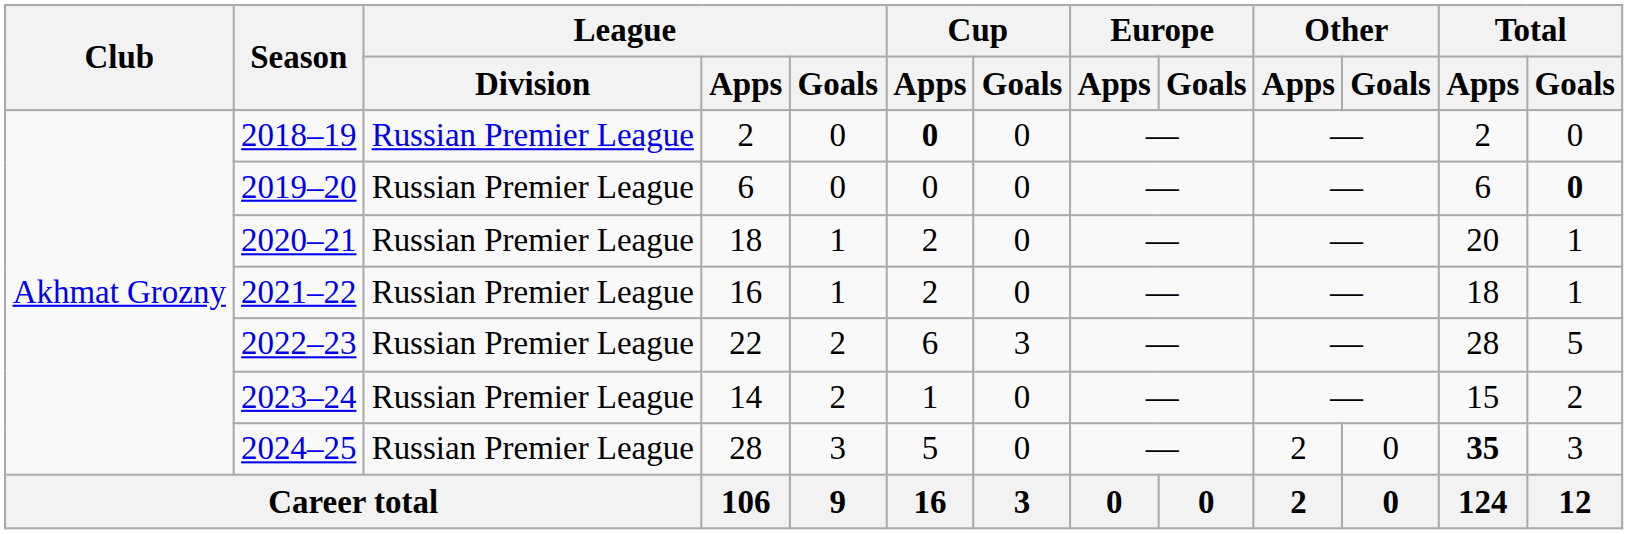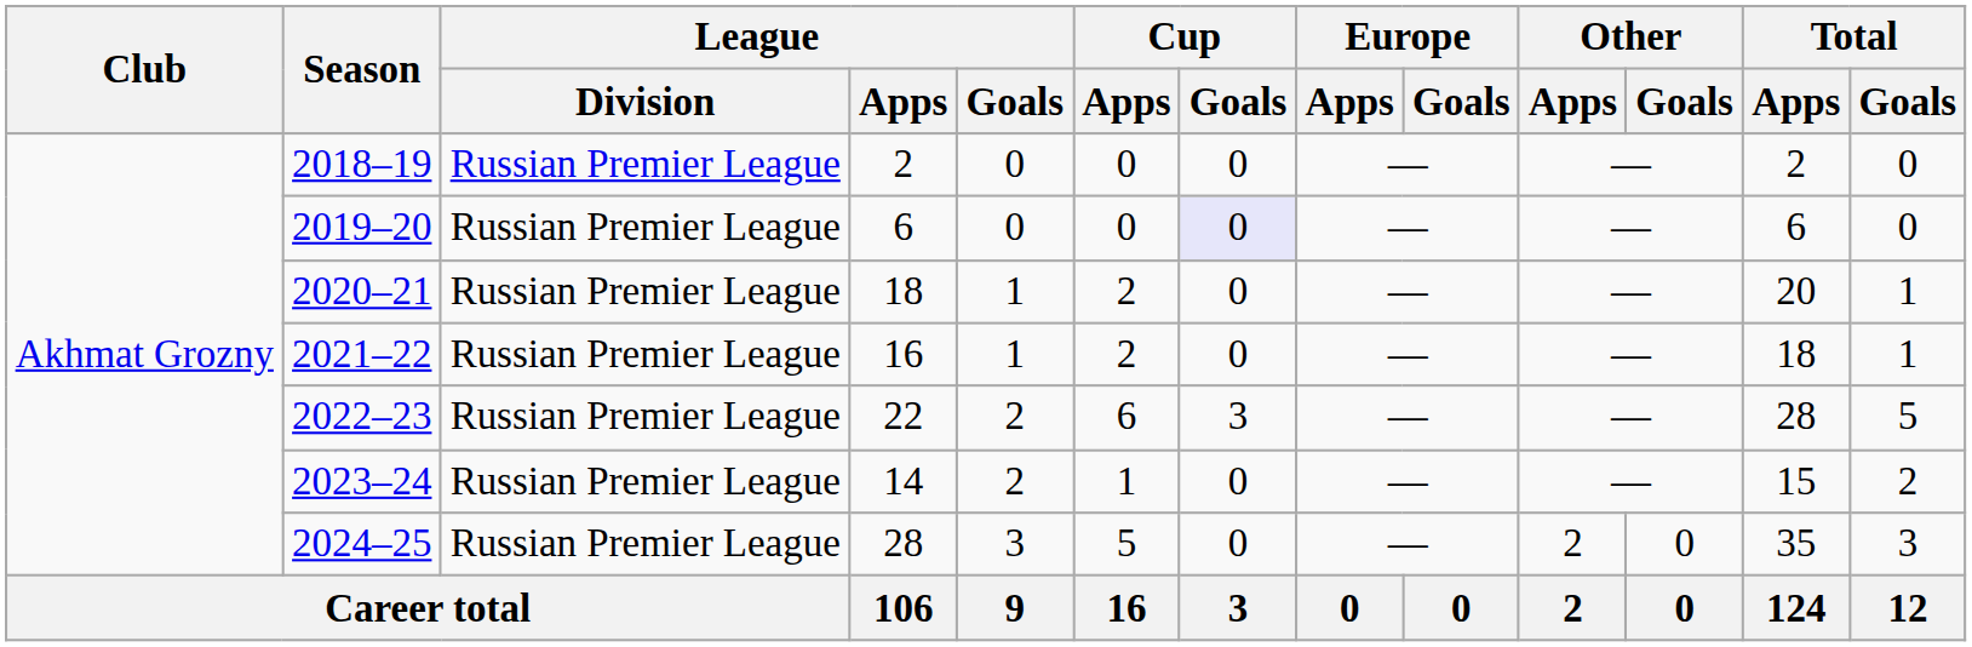 <table class="wikitable" style="text-align: center;">
 <tr>
 <th rowspan="2">Club</th>
 <th rowspan="2">Season</th>
 <th colspan="3">League</th>
 <th colspan="2">Cup</th>
 <th colspan="2">Europe</th>
 <th colspan="2">Other</th>
 <th colspan="2">Total</th>
 </tr>
 <tr>
 <th>Division</th>
 <th>Apps</th>
 <th>Goals</th>
 <th>Apps</th>
 <th>Goals</th>
 <th>Apps</th>
 <th>Goals</th>
 <th>Apps</th>
 <th>Goals</th>
 <th>Apps</th>
 <th>Goals</th>
 </tr>
 <tr>
 <td rowspan="7"><a href='#'>Akhmat Grozny</a></td>
 <td><a href='#'>2018–19</a></td>
 <td><a href='#'>Russian Premier League</a></td>
 <td>2</td>
 <td>0</td>
-<td><strong>0</strong></td>
+<td>0</td>
 <td>0</td>
 <td colspan="2">—</td>
 <td colspan="2">—</td>
 <td>2</td>
 <td>0</td>
 </tr>
 <tr>
 <td><a href='#'>2019–20</a></td>
 <td>Russian Premier League</td>
 <td>6</td>
 <td>0</td>
 <td>0</td>
-<td>0</td>
+<td style="background: lavender;">0</td>
 <td colspan="2">—</td>
 <td colspan="2">—</td>
 <td>6</td>
-<td><strong>0</strong></td>
+<td>0</td>
 </tr>
 <tr>
 <td><a href='#'>2020–21</a></td>
 <td>Russian Premier League</td>
 <td>18</td>
 <td>1</td>
 <td>2</td>
 <td>0</td>
 <td colspan="2">—</td>
 <td colspan="2">—</td>
 <td>20</td>
 <td>1</td>
 </tr>
 <tr>
 <td><a href='#'>2021–22</a></td>
 <td>Russian Premier League</td>
 <td>16</td>
 <td>1</td>
 <td>2</td>
 <td>0</td>
 <td colspan="2">—</td>
 <td colspan="2">—</td>
 <td>18</td>
 <td>1</td>
 </tr>
 <tr>
 <td><a href='#'>2022–23</a></td>
 <td>Russian Premier League</td>
 <td>22</td>
 <td>2</td>
 <td>6</td>
 <td>3</td>
 <td colspan="2">—</td>
 <td colspan="2">—</td>
 <td>28</td>
 <td>5</td>
 </tr>
 <tr>
 <td><a href='#'>2023–24</a></td>
 <td>Russian Premier League</td>
 <td>14</td>
 <td>2</td>
 <td>1</td>
 <td>0</td>
 <td colspan="2">—</td>
 <td colspan="2">—</td>
 <td>15</td>
 <td>2</td>
 </tr>
 <tr>
 <td><a href='#'>2024–25</a></td>
 <td>Russian Premier League</td>
 <td>28</td>
 <td>3</td>
 <td>5</td>
 <td>0</td>
 <td colspan="2">—</td>
 <td>2</td>
 <td>0</td>
-<td><strong>35</strong></td>
+<td>35</td>
 <td>3</td>
 </tr>
 <tr>
 <th colspan="3">Career total</th>
 <th>106</th>
 <th>9</th>
 <th>16</th>
 <th>3</th>
 <th>0</th>
 <th>0</th>
 <th>2</th>
 <th>0</th>
 <th>124</th>
 <th>12</th>
 </tr>
 </table>
